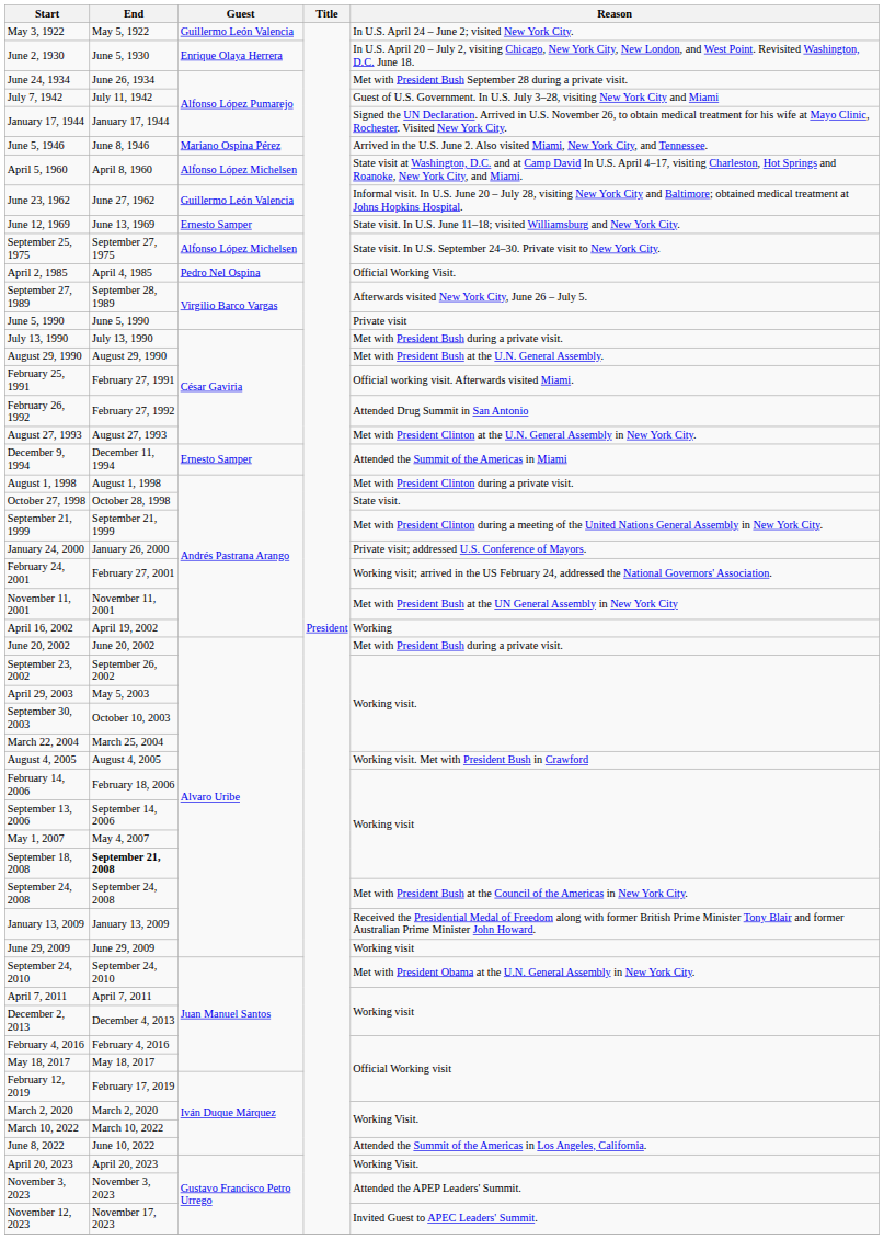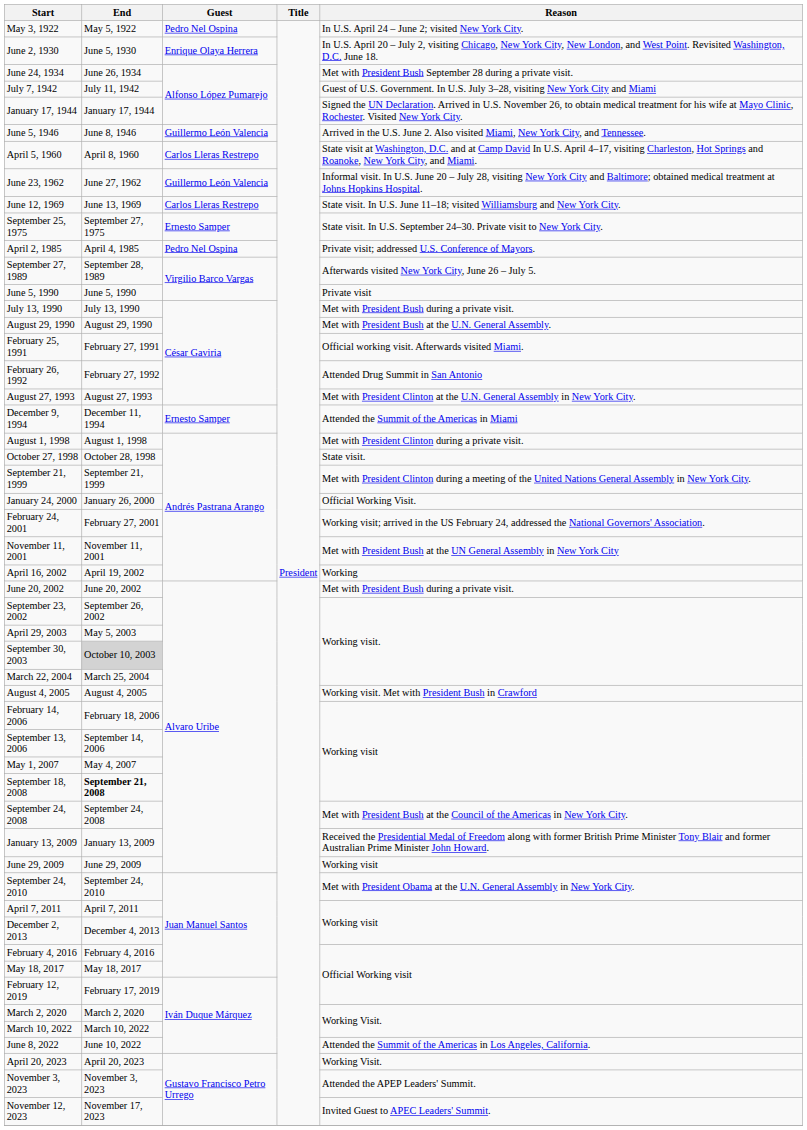 <table class="wikitable sortable">
 <tr>
 <th>Start</th>
 <th>End</th>
 <th>Guest</th>
 <th>Title</th>
 <th>Reason</th>
 </tr>
 <tr>
 <td>May 3, 1922</td>
 <td>May 5, 1922</td>
-<td><a href='#'>Guillermo León Valencia</a></td>
+<td><a href='#'>Pedro Nel Ospina</a></td>
 <td rowspan=51><a href='#'>President</a></td>
 <td>In U.S. April 24 – June 2; visited <a href='#'>New York City</a>.</td>
 </tr>
 <tr>
 <td>June 2, 1930</td>
 <td>June 5, 1930</td>
 <td><a href='#'>Enrique Olaya Herrera</a></td>
 <td>In U.S. April 20 – July 2, visiting <a href='#'>Chicago</a>, <a href='#'>New York City</a>, <a href='#'>New London</a>, and <a href='#'>West Point</a>. Revisited <a href='#'>Washington, D.C.</a> June 18.</td>
 </tr>
 <tr>
 <td>June 24, 1934</td>
 <td>June 26, 1934</td>
 <td rowspan=3><a href='#'>Alfonso López Pumarejo</a></td>
 <td>Met with <a href='#'>President Bush</a> September 28 during a private visit.</td>
 </tr>
 <tr>
 <td>July 7, 1942</td>
 <td>July 11, 1942</td>
 <td>Guest of U.S. Government. In U.S. July 3–28, visiting <a href='#'>New York City</a> and <a href='#'>Miami</a></td>
 </tr>
 <tr>
 <td>January 17, 1944</td>
 <td>January 17, 1944</td>
 <td>Signed the <a href='#'>UN Declaration</a>. Arrived in U.S. November 26, to obtain medical treatment for his wife at <a href='#'>Mayo Clinic</a>, <a href='#'>Rochester</a>. Visited <a href='#'>New York City</a>.</td>
 </tr>
 <tr>
 <td>June 5, 1946</td>
 <td>June 8, 1946</td>
-<td><a href='#'>Mariano Ospina Pérez</a></td>
+<td><a href='#'>Guillermo León Valencia</a></td>
 <td>Arrived in the U.S. June 2. Also visited <a href='#'>Miami</a>, <a href='#'>New York City</a>, and <a href='#'>Tennessee</a>.</td>
 </tr>
 <tr>
 <td>April 5, 1960</td>
 <td>April 8, 1960</td>
-<td><a href='#'>Alfonso López Michelsen</a></td>
+<td><a href='#'>Carlos Lleras Restrepo</a></td>
 <td>State visit at <a href='#'>Washington, D.C.</a> and at <a href='#'>Camp David</a> In U.S. April 4–17, visiting <a href='#'>Charleston</a>, <a href='#'>Hot Springs</a> and <a href='#'>Roanoke</a>, <a href='#'>New York City</a>, and <a href='#'>Miami</a>.</td>
 </tr>
 <tr>
 <td>June 23, 1962</td>
 <td>June 27, 1962</td>
 <td><a href='#'>Guillermo León Valencia</a></td>
 <td>Informal visit. In U.S. June 20 – July 28, visiting <a href='#'>New York City</a> and <a href='#'>Baltimore</a>; obtained medical treatment at <a href='#'>Johns Hopkins Hospital</a>.</td>
 </tr>
 <tr>
 <td>June 12, 1969</td>
 <td>June 13, 1969</td>
-<td><a href='#'>Ernesto Samper</a></td>
+<td><a href='#'>Carlos Lleras Restrepo</a></td>
 <td>State visit. In U.S. June 11–18; visited <a href='#'>Williamsburg</a> and <a href='#'>New York City</a>.</td>
 </tr>
 <tr>
 <td>September 25, 1975</td>
 <td>September 27, 1975</td>
-<td><a href='#'>Alfonso López Michelsen</a></td>
+<td><a href='#'>Ernesto Samper</a></td>
 <td>State visit. In U.S. September 24–30. Private visit to <a href='#'>New York City</a>.</td>
 </tr>
 <tr>
 <td>April 2, 1985</td>
 <td>April 4, 1985</td>
 <td><a href='#'>Pedro Nel Ospina</a></td>
-<td>Official Working Visit.</td>
+<td>Private visit; addressed <a href='#'>U.S. Conference of Mayors</a>.</td>
 </tr>
 <tr>
 <td>September 27, 1989</td>
 <td>September 28, 1989</td>
 <td rowspan=2><a href='#'>Virgilio Barco Vargas</a></td>
 <td>Afterwards visited <a href='#'>New York City</a>, June 26 – July 5.</td>
 </tr>
 <tr>
 <td>June 5, 1990</td>
 <td>June 5, 1990</td>
 <td>Private visit</td>
 </tr>
 <tr>
 <td>July 13, 1990</td>
 <td>July 13, 1990</td>
 <td rowspan=5><a href='#'>César Gaviria</a></td>
 <td>Met with <a href='#'>President Bush</a> during a private visit.</td>
 </tr>
 <tr>
 <td>August 29, 1990</td>
 <td>August 29, 1990</td>
 <td>Met with <a href='#'>President Bush</a> at the <a href='#'>U.N. General Assembly</a>.</td>
 </tr>
 <tr>
 <td>February 25, 1991</td>
 <td>February 27, 1991</td>
 <td>Official working visit. Afterwards visited <a href='#'>Miami</a>.</td>
 </tr>
 <tr>
 <td>February 26, 1992</td>
 <td>February 27, 1992</td>
 <td>Attended Drug Summit in <a href='#'>San Antonio</a></td>
 </tr>
 <tr>
 <td>August 27, 1993</td>
 <td>August 27, 1993</td>
 <td>Met with <a href='#'>President Clinton</a> at the <a href='#'>U.N. General Assembly</a> in <a href='#'>New York City</a>.</td>
 </tr>
 <tr>
 <td>December 9, 1994</td>
 <td>December 11, 1994</td>
 <td><a href='#'>Ernesto Samper</a></td>
 <td>Attended the <a href='#'>Summit of the Americas</a> in <a href='#'>Miami</a></td>
 </tr>
 <tr>
 <td>August 1, 1998</td>
 <td>August 1, 1998</td>
 <td rowspan=7><a href='#'>Andrés Pastrana Arango</a></td>
 <td>Met with <a href='#'>President Clinton</a> during a private visit.</td>
 </tr>
 <tr>
 <td>October 27, 1998</td>
 <td>October 28, 1998</td>
 <td>State visit.</td>
 </tr>
 <tr>
 <td>September 21, 1999</td>
 <td>September 21, 1999</td>
 <td>Met with <a href='#'>President Clinton</a> during a meeting of the <a href='#'>United Nations General Assembly</a> in <a href='#'>New York City</a>.</td>
 </tr>
 <tr>
 <td>January 24, 2000</td>
 <td>January 26, 2000</td>
-<td>Private visit; addressed <a href='#'>U.S. Conference of Mayors</a>.</td>
+<td>Official Working Visit.</td>
 </tr>
 <tr>
 <td>February 24, 2001</td>
 <td>February 27, 2001</td>
 <td>Working visit; arrived in the US February 24, addressed the <a href='#'>National Governors' Association</a>.</td>
 </tr>
 <tr>
 <td>November 11, 2001</td>
 <td>November 11, 2001</td>
 <td>Met with <a href='#'>President Bush</a> at the <a href='#'>UN General Assembly</a> in <a href='#'>New York City</a></td>
 </tr>
 <tr>
 <td>April 16, 2002</td>
 <td>April 19, 2002</td>
 <td>Working</td>
 </tr>
 <tr>
 <td>June 20, 2002</td>
 <td>June 20, 2002</td>
 <td rowspan=13><a href='#'>Alvaro Uribe</a></td>
 <td>Met with <a href='#'>President Bush</a> during a private visit.</td>
 </tr>
 <tr>
 <td>September 23, 2002</td>
 <td>September 26, 2002</td>
 <td rowspan=4>Working visit.</td>
 </tr>
 <tr>
 <td>April 29, 2003</td>
 <td>May 5, 2003</td>
 </tr>
 <tr>
 <td>September 30, 2003</td>
-<td>October 10, 2003</td>
+<td style="background: lightgrey;">October 10, 2003</td>
 </tr>
 <tr>
 <td>March 22, 2004</td>
 <td>March 25, 2004</td>
 </tr>
 <tr>
 <td>August 4, 2005</td>
 <td>August 4, 2005</td>
 <td>Working visit. Met with <a href='#'>President Bush</a> in <a href='#'>Crawford</a></td>
 </tr>
 <tr>
 <td>February 14, 2006</td>
 <td>February 18, 2006</td>
 <td rowspan=4>Working visit</td>
 </tr>
 <tr>
 <td>September 13, 2006</td>
 <td>September 14, 2006</td>
 </tr>
 <tr>
 <td>May 1, 2007</td>
 <td>May 4, 2007</td>
 </tr>
 <tr>
 <td>September 18, 2008</td>
 <td><strong>September 21, 2008</strong></td>
 </tr>
 <tr>
 <td>September 24, 2008</td>
 <td>September 24, 2008</td>
 <td>Met with <a href='#'>President Bush</a> at the <a href='#'>Council of the Americas</a> in <a href='#'>New York City</a>.</td>
 </tr>
 <tr>
 <td>January 13, 2009</td>
 <td>January 13, 2009</td>
 <td>Received the <a href='#'>Presidential Medal of Freedom</a> along with former British Prime Minister <a href='#'>Tony Blair</a> and former Australian Prime Minister <a href='#'>John Howard</a>.</td>
 </tr>
 <tr>
 <td>June 29, 2009</td>
 <td>June 29, 2009</td>
 <td>Working visit</td>
 </tr>
 <tr>
 <td>September 24, 2010</td>
 <td>September 24, 2010</td>
 <td rowspan=5><a href='#'>Juan Manuel Santos</a></td>
 <td>Met with <a href='#'>President Obama</a> at the <a href='#'>U.N. General Assembly</a> in <a href='#'>New York City</a>.</td>
 </tr>
 <tr>
 <td>April 7, 2011</td>
 <td>April 7, 2011</td>
 <td rowspan=2>Working visit</td>
 </tr>
 <tr>
 <td>December 2, 2013</td>
 <td>December 4, 2013</td>
 </tr>
 <tr>
 <td>February 4, 2016</td>
 <td>February 4, 2016</td>
 <td rowspan=3>Official Working visit</td>
 </tr>
 <tr>
 <td>May 18, 2017</td>
 <td>May 18, 2017</td>
 </tr>
 <tr>
 <td>February 12, 2019</td>
 <td>February 17, 2019</td>
 <td rowspan=4><a href='#'>Iván Duque Márquez</a></td>
 </tr>
 <tr>
 <td>March 2, 2020</td>
 <td>March 2, 2020</td>
 <td rowspan=2>Working Visit.</td>
 </tr>
 <tr>
 <td>March 10, 2022</td>
 <td>March 10, 2022</td>
 </tr>
 <tr>
 <td>June 8, 2022</td>
 <td>June 10, 2022</td>
 <td>Attended the <a href='#'>Summit of the Americas</a> in <a href='#'>Los Angeles, California</a>.</td>
 </tr>
 <tr>
 <td>April 20, 2023</td>
 <td>April 20, 2023</td>
 <td rowspan=3><a href='#'>Gustavo Francisco Petro Urrego</a></td>
 <td>Working Visit.</td>
 </tr>
 <tr>
 <td>November 3, 2023</td>
 <td>November 3, 2023</td>
 <td>Attended the APEP Leaders' Summit.</td>
 </tr>
 <tr>
 <td>November 12, 2023</td>
 <td>November 17, 2023</td>
 <td>Invited Guest to <a href='#'>APEC Leaders' Summit</a>.</td>
 </tr>
 <tr>
 </tr>
 </table>
